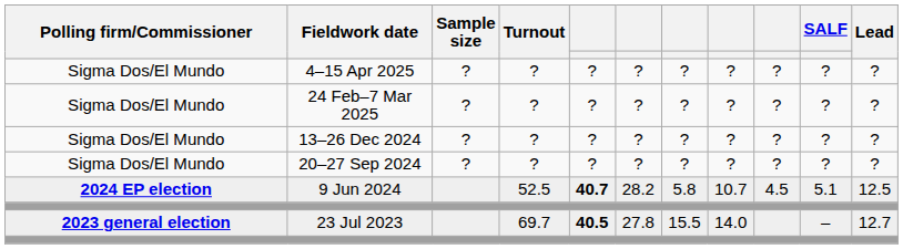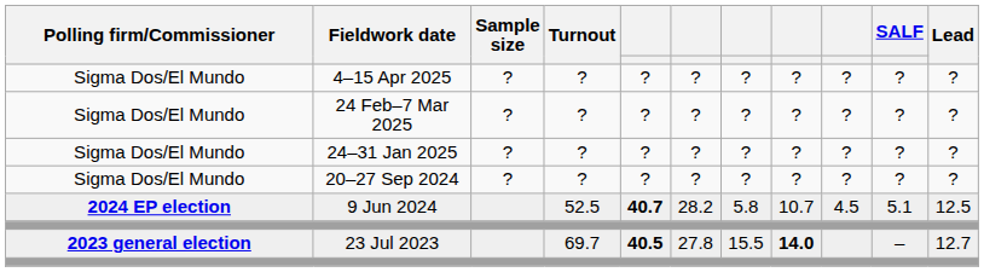 <table class="wikitable collapsible collapsed" style="text-align:center; font-size:95%; line-height:16px;">
 <tr style="height:42px;">
 <th style="width:250px;" rowspan="2">Polling firm/Commissioner</th>
 <th style="width:125px;" rowspan="2">Fieldwork date</th>
 <th style="width:50px;" rowspan="2">Sample size</th>
 <th style="width:45px;" rowspan="2">Turnout</th>
 <th style="width:35px;"></th>
 <th style="width:35px;"></th>
 <th style="width:35px;"></th>
 <th style="width:35px;"></th>
 <th style="width:35px;"></th>
 <th style="width:35px;"><a href='#'>SALF</a></th>
 <th style="width:30px;" rowspan="2">Lead</th>
 </tr>
 <tr>
 <th style="color:inherit;background:"></th>
 <th style="color:inherit;background:"></th>
 <th style="color:inherit;background:"></th>
 <th style="color:inherit;background:"></th>
 <th style="color:inherit;background:"></th>
 <th style="color:inherit;background:"></th>
 </tr>
 <tr>
 <td>Sigma Dos/El Mundo</td>
 <td>4–15 Apr 2025</td>
 <td>?</td>
 <td>?</td>
 <td>?<br></td>
 <td>?<br></td>
 <td>?<br></td>
 <td>?<br></td>
 <td>?<br></td>
 <td>?<br></td>
 <td style="background:">?</td>
 </tr>
 <tr>
 <td>Sigma Dos/El Mundo</td>
 <td>24 Feb–7 Mar 2025</td>
 <td>?</td>
 <td>?</td>
 <td>?<br></td>
 <td>?<br></td>
 <td>?<br></td>
 <td>?<br></td>
 <td>?<br></td>
 <td>?<br></td>
 <td style="background:">?</td>
 </tr>
 <tr>
 <td>Sigma Dos/El Mundo</td>
-<td>13–26 Dec 2024</td>
+<td>24–31 Jan 2025</td>
 <td>?</td>
 <td>?</td>
 <td>?<br></td>
 <td>?<br></td>
 <td>?<br></td>
 <td>?<br></td>
 <td>?<br></td>
 <td>?<br></td>
 <td style="background:">?</td>
 </tr>
 <tr>
 <td>Sigma Dos/El Mundo</td>
 <td>20–27 Sep 2024</td>
 <td>?</td>
 <td>?</td>
 <td>?<br></td>
 <td>?<br></td>
 <td>?<br></td>
 <td>?<br></td>
 <td>?<br></td>
 <td>?<br></td>
 <td style="background:">?</td>
 </tr>
 <tr style="background:#EFEFEF;">
 <td><strong><a href='#'>2024 EP election</a></strong></td>
 <td>9 Jun 2024</td>
 <td></td>
 <td>52.5</td>
 <td><strong>40.7</strong><br></td>
 <td>28.2<br></td>
 <td>5.8<br></td>
 <td>10.7<br></td>
 <td>4.5<br></td>
 <td>5.1<br></td>
 <td style="background:">12.5</td>
 </tr>
 <tr>
 <td colspan="11" style="background:#A0A0A0"></td>
 </tr>
 <tr style="background:#EFEFEF;">
 <td><strong><a href='#'>2023 general election</a></strong></td>
 <td>23 Jul 2023</td>
 <td></td>
 <td>69.7</td>
 <td><strong>40.5</strong><br></td>
 <td>27.8<br></td>
 <td>15.5<br></td>
-<td>14.0<br></td>
+<td><strong>14.0<br></strong></td>
 <td></td>
 <td>–</td>
 <td style="background:">12.7</td>
 </tr>
 <tr>
 <td colspan="11" style="background:#A0A0A0"></td>
 </tr>
 </table>
